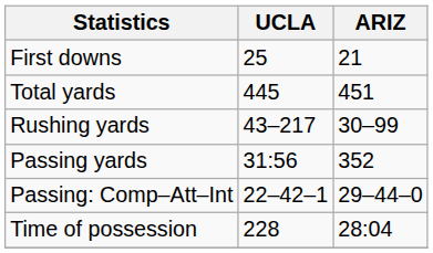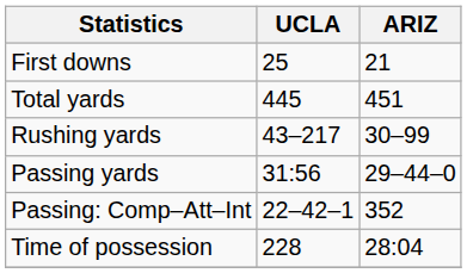 <table class="wikitable" style="float: left;">
 <tr>
 <th>Statistics</th>
 <th>UCLA</th>
 <th>ARIZ</th>
 </tr>
 <tr>
 <td>First downs</td>
 <td>25</td>
 <td>21</td>
 </tr>
 <tr>
 <td>Total yards</td>
 <td>445</td>
 <td>451</td>
 </tr>
 <tr>
 <td>Rushing yards</td>
 <td>43–217</td>
 <td>30–99</td>
 </tr>
 <tr>
 <td>Passing yards</td>
 <td>31:56</td>
-<td>352</td>
+<td>29–44–0</td>
 </tr>
 <tr>
 <td>Passing: Comp–Att–Int</td>
 <td>22–42–1</td>
-<td>29–44–0</td>
+<td>352</td>
 </tr>
 <tr>
 <td>Time of possession</td>
 <td>228</td>
 <td>28:04</td>
 </tr>
 <tr>
 </tr>
 </table>
